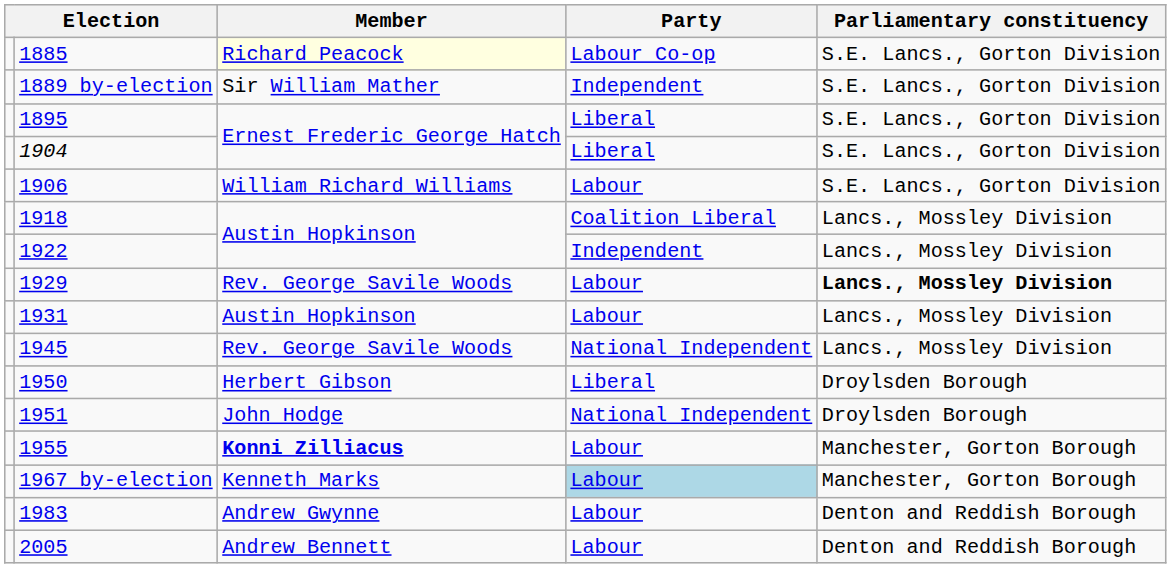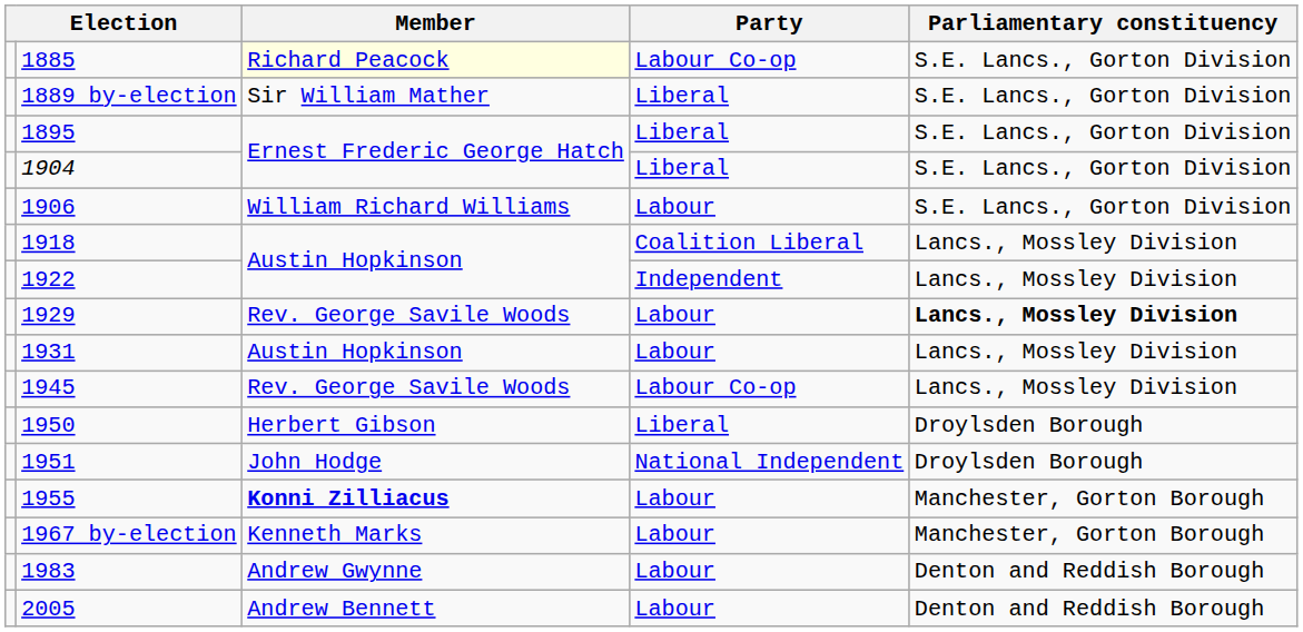 <table class="wikitable">
 <tr>
 <th colspan="2">Election</th>
 <th>Member</th>
 <th>Party</th>
 <th>Parliamentary constituency</th>
 </tr>
 <tr>
 <td style="background-color: "></td>
 <td><a href='#'>1885</a></td>
 <td style="background: lightyellow;"><a href='#'>Richard Peacock</a></td>
 <td><a href='#'>Labour Co-op</a></td>
 <td>S.E. Lancs., Gorton Division</td>
 </tr>
 <tr>
 <td style="background-color: "></td>
 <td><a href='#'>1889 by-election</a></td>
 <td>Sir <a href='#'>William Mather</a></td>
-<td><a href='#'>Independent</a></td>
+<td><a href='#'>Liberal</a></td>
 <td>S.E. Lancs., Gorton Division</td>
 </tr>
 <tr>
 <td style="background-color: "></td>
 <td><a href='#'>1895</a></td>
 <td rowspan="2"><a href='#'>Ernest Frederic George Hatch</a></td>
 <td><a href='#'>Liberal</a></td>
 <td>S.E. Lancs., Gorton Division</td>
 </tr>
 <tr>
 <td style="background-color: "></td>
 <td><em>1904</em></td>
 <td><a href='#'>Liberal</a></td>
 <td>S.E. Lancs., Gorton Division</td>
 </tr>
 <tr>
 <td style="background-color: "></td>
 <td><a href='#'>1906</a></td>
 <td><a href='#'>William Richard Williams</a></td>
 <td><a href='#'>Labour</a></td>
 <td>S.E. Lancs., Gorton Division</td>
 </tr>
 <tr>
 <td style="background-color: "></td>
 <td><a href='#'>1918</a></td>
 <td rowspan="2"><a href='#'>Austin Hopkinson</a></td>
 <td><a href='#'>Coalition Liberal</a></td>
 <td>Lancs., Mossley Division</td>
 </tr>
 <tr>
 <td style="background-color: "></td>
 <td><a href='#'>1922</a></td>
 <td><a href='#'>Independent</a></td>
 <td>Lancs., Mossley Division</td>
 </tr>
 <tr>
 <td style="background-color: "></td>
 <td><a href='#'>1929</a></td>
 <td><a href='#'>Rev. George Savile Woods</a></td>
 <td><a href='#'>Labour</a></td>
 <td><strong>Lancs., Mossley Division</strong></td>
 </tr>
 <tr>
 <td style="background-color: "></td>
 <td><a href='#'>1931</a></td>
 <td><a href='#'>Austin Hopkinson</a></td>
 <td><a href='#'>Labour</a></td>
 <td>Lancs., Mossley Division</td>
 </tr>
 <tr>
 <td style="background-color: "></td>
 <td><a href='#'>1945</a></td>
 <td><a href='#'>Rev. George Savile Woods</a></td>
-<td><a href='#'>National Independent</a></td>
+<td><a href='#'>Labour Co-op</a></td>
 <td>Lancs., Mossley Division</td>
 </tr>
 <tr>
 <td style="background-color: "></td>
 <td><a href='#'>1950</a></td>
 <td><a href='#'>Herbert Gibson</a></td>
 <td><a href='#'>Liberal</a></td>
 <td>Droylsden Borough</td>
 </tr>
 <tr>
 <td style="background-color: "></td>
 <td><a href='#'>1951</a></td>
 <td><a href='#'>John Hodge</a></td>
 <td><a href='#'>National Independent</a></td>
 <td>Droylsden Borough</td>
 </tr>
 <tr>
 <td style="background-color: "></td>
 <td><a href='#'>1955</a></td>
 <td><strong><a href='#'>Konni Zilliacus</a></strong></td>
 <td><a href='#'>Labour</a></td>
 <td>Manchester, Gorton Borough</td>
 </tr>
 <tr>
 <td style="background-color: "></td>
 <td><a href='#'>1967 by-election</a></td>
 <td><a href='#'>Kenneth Marks</a></td>
-<td style="background: lightblue;"><a href='#'>Labour</a></td>
+<td><a href='#'>Labour</a></td>
 <td>Manchester, Gorton Borough</td>
 </tr>
 <tr>
 <td style="background-color: "></td>
 <td><a href='#'>1983</a></td>
 <td><a href='#'>Andrew Gwynne</a></td>
 <td><a href='#'>Labour</a></td>
 <td>Denton and Reddish Borough</td>
 </tr>
 <tr>
 <td style="background-color: "></td>
 <td><a href='#'>2005</a></td>
 <td><a href='#'>Andrew Bennett</a></td>
 <td><a href='#'>Labour</a></td>
 <td>Denton and Reddish Borough</td>
 </tr>
 </table>
